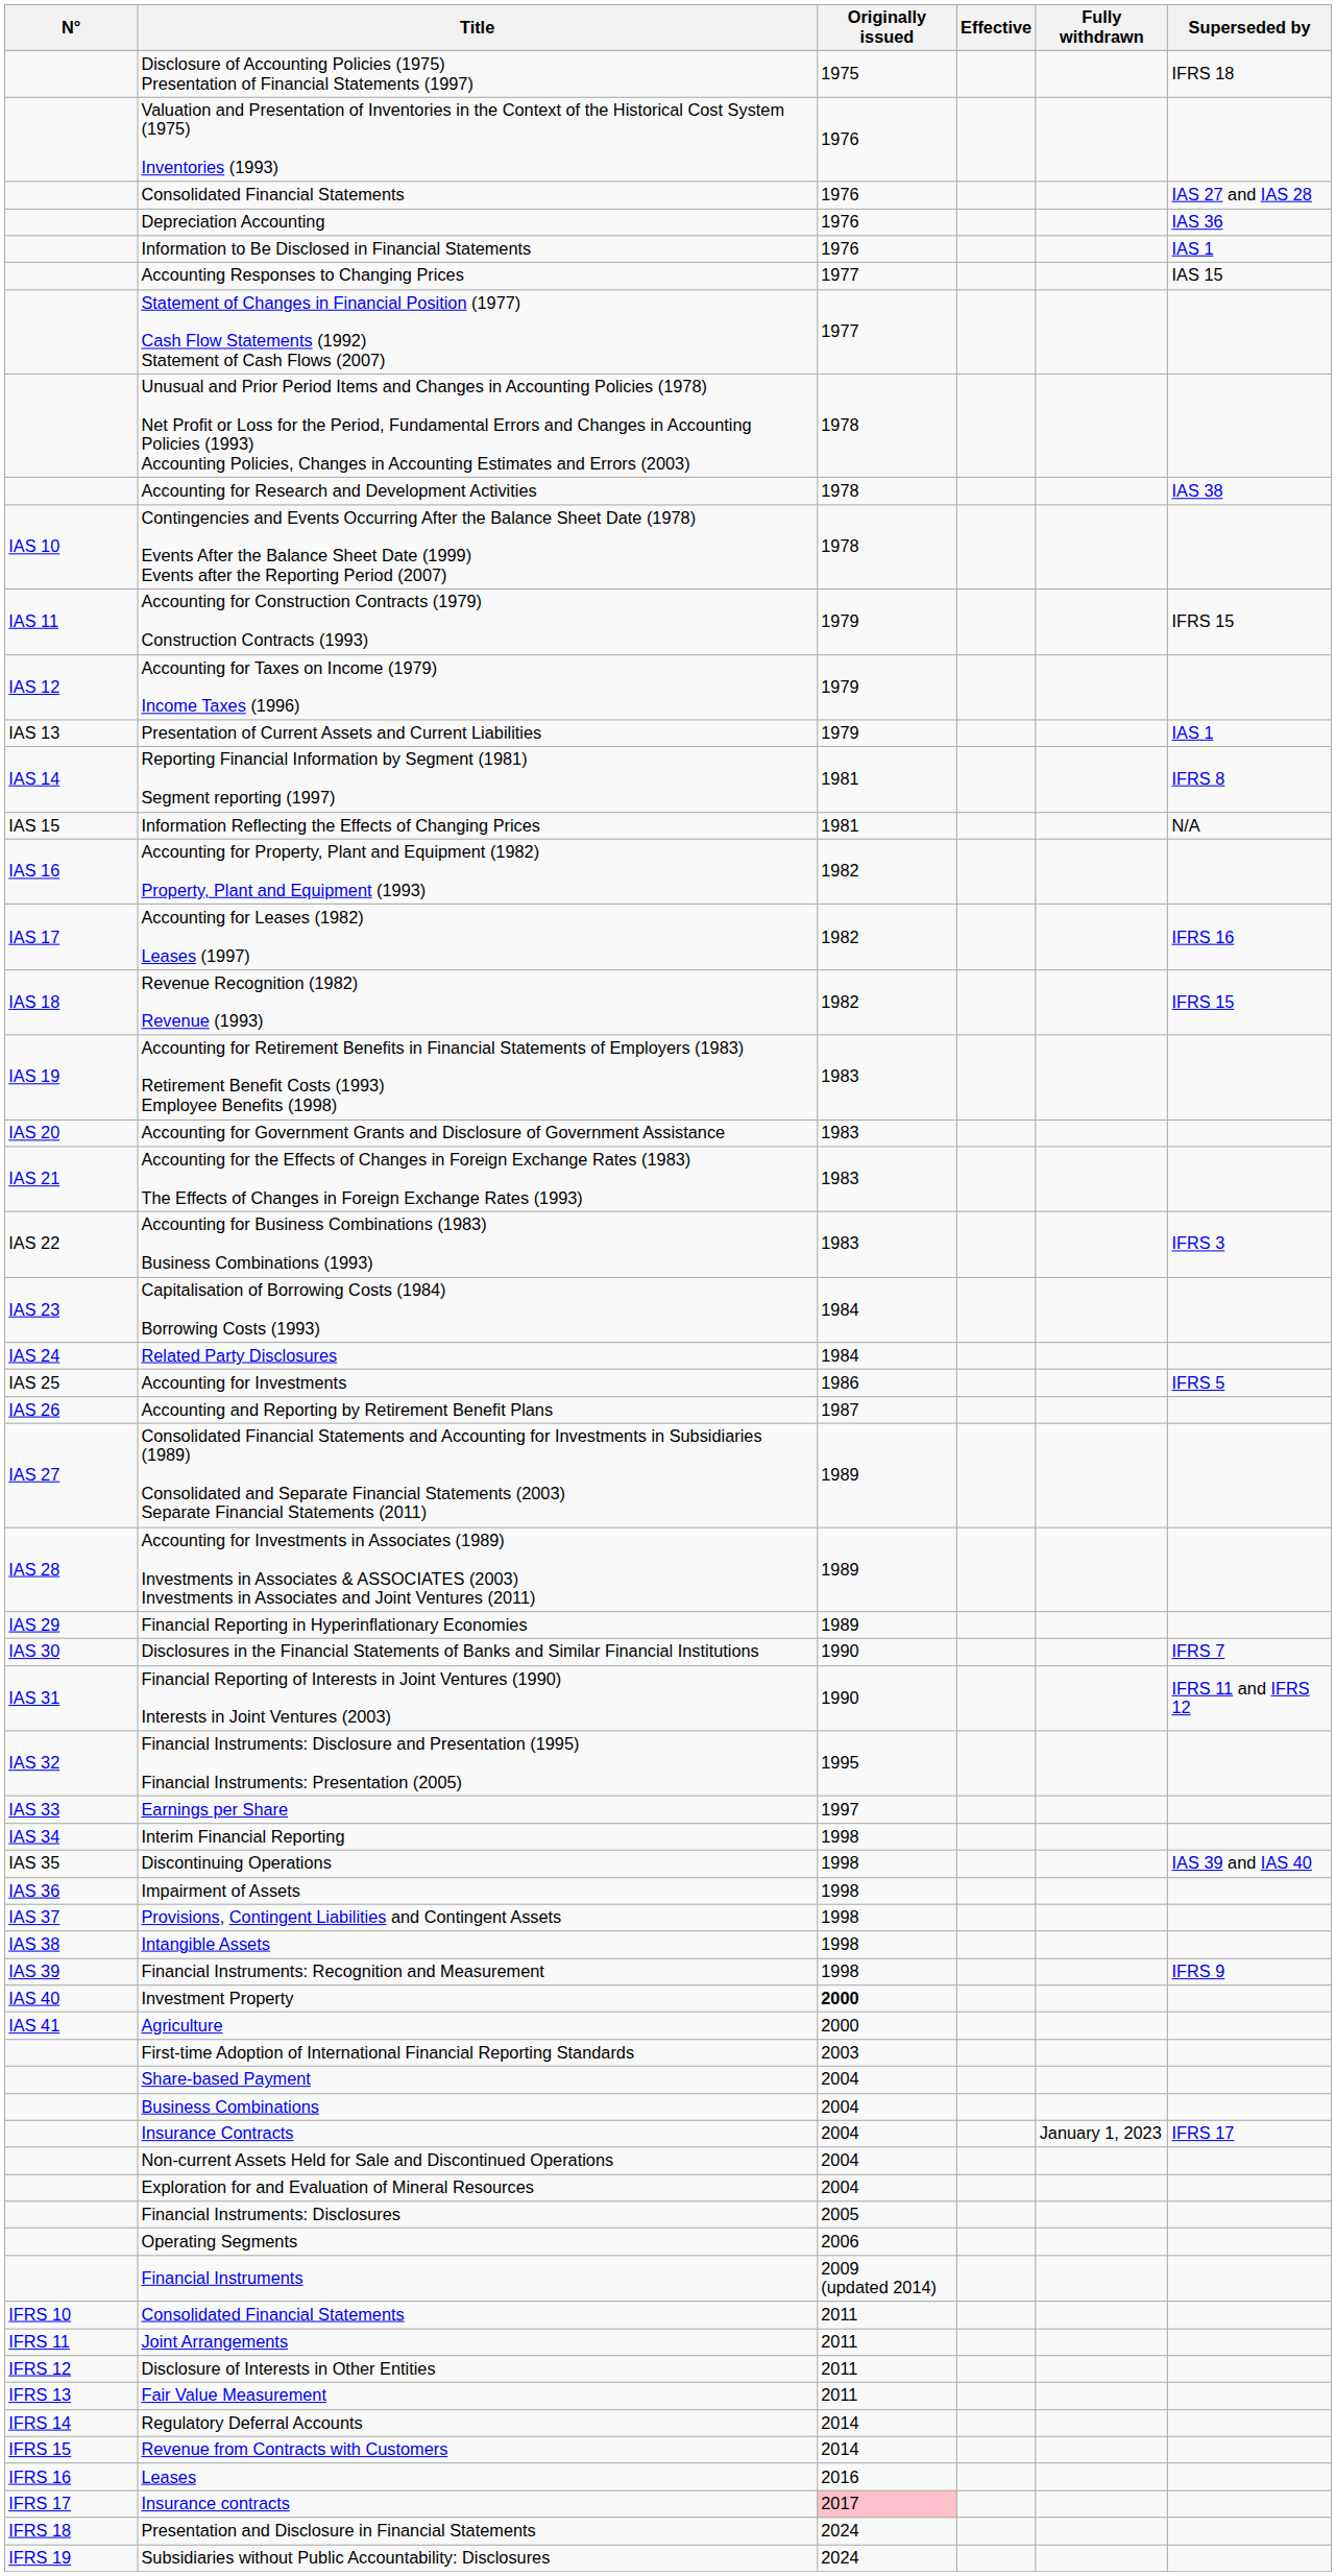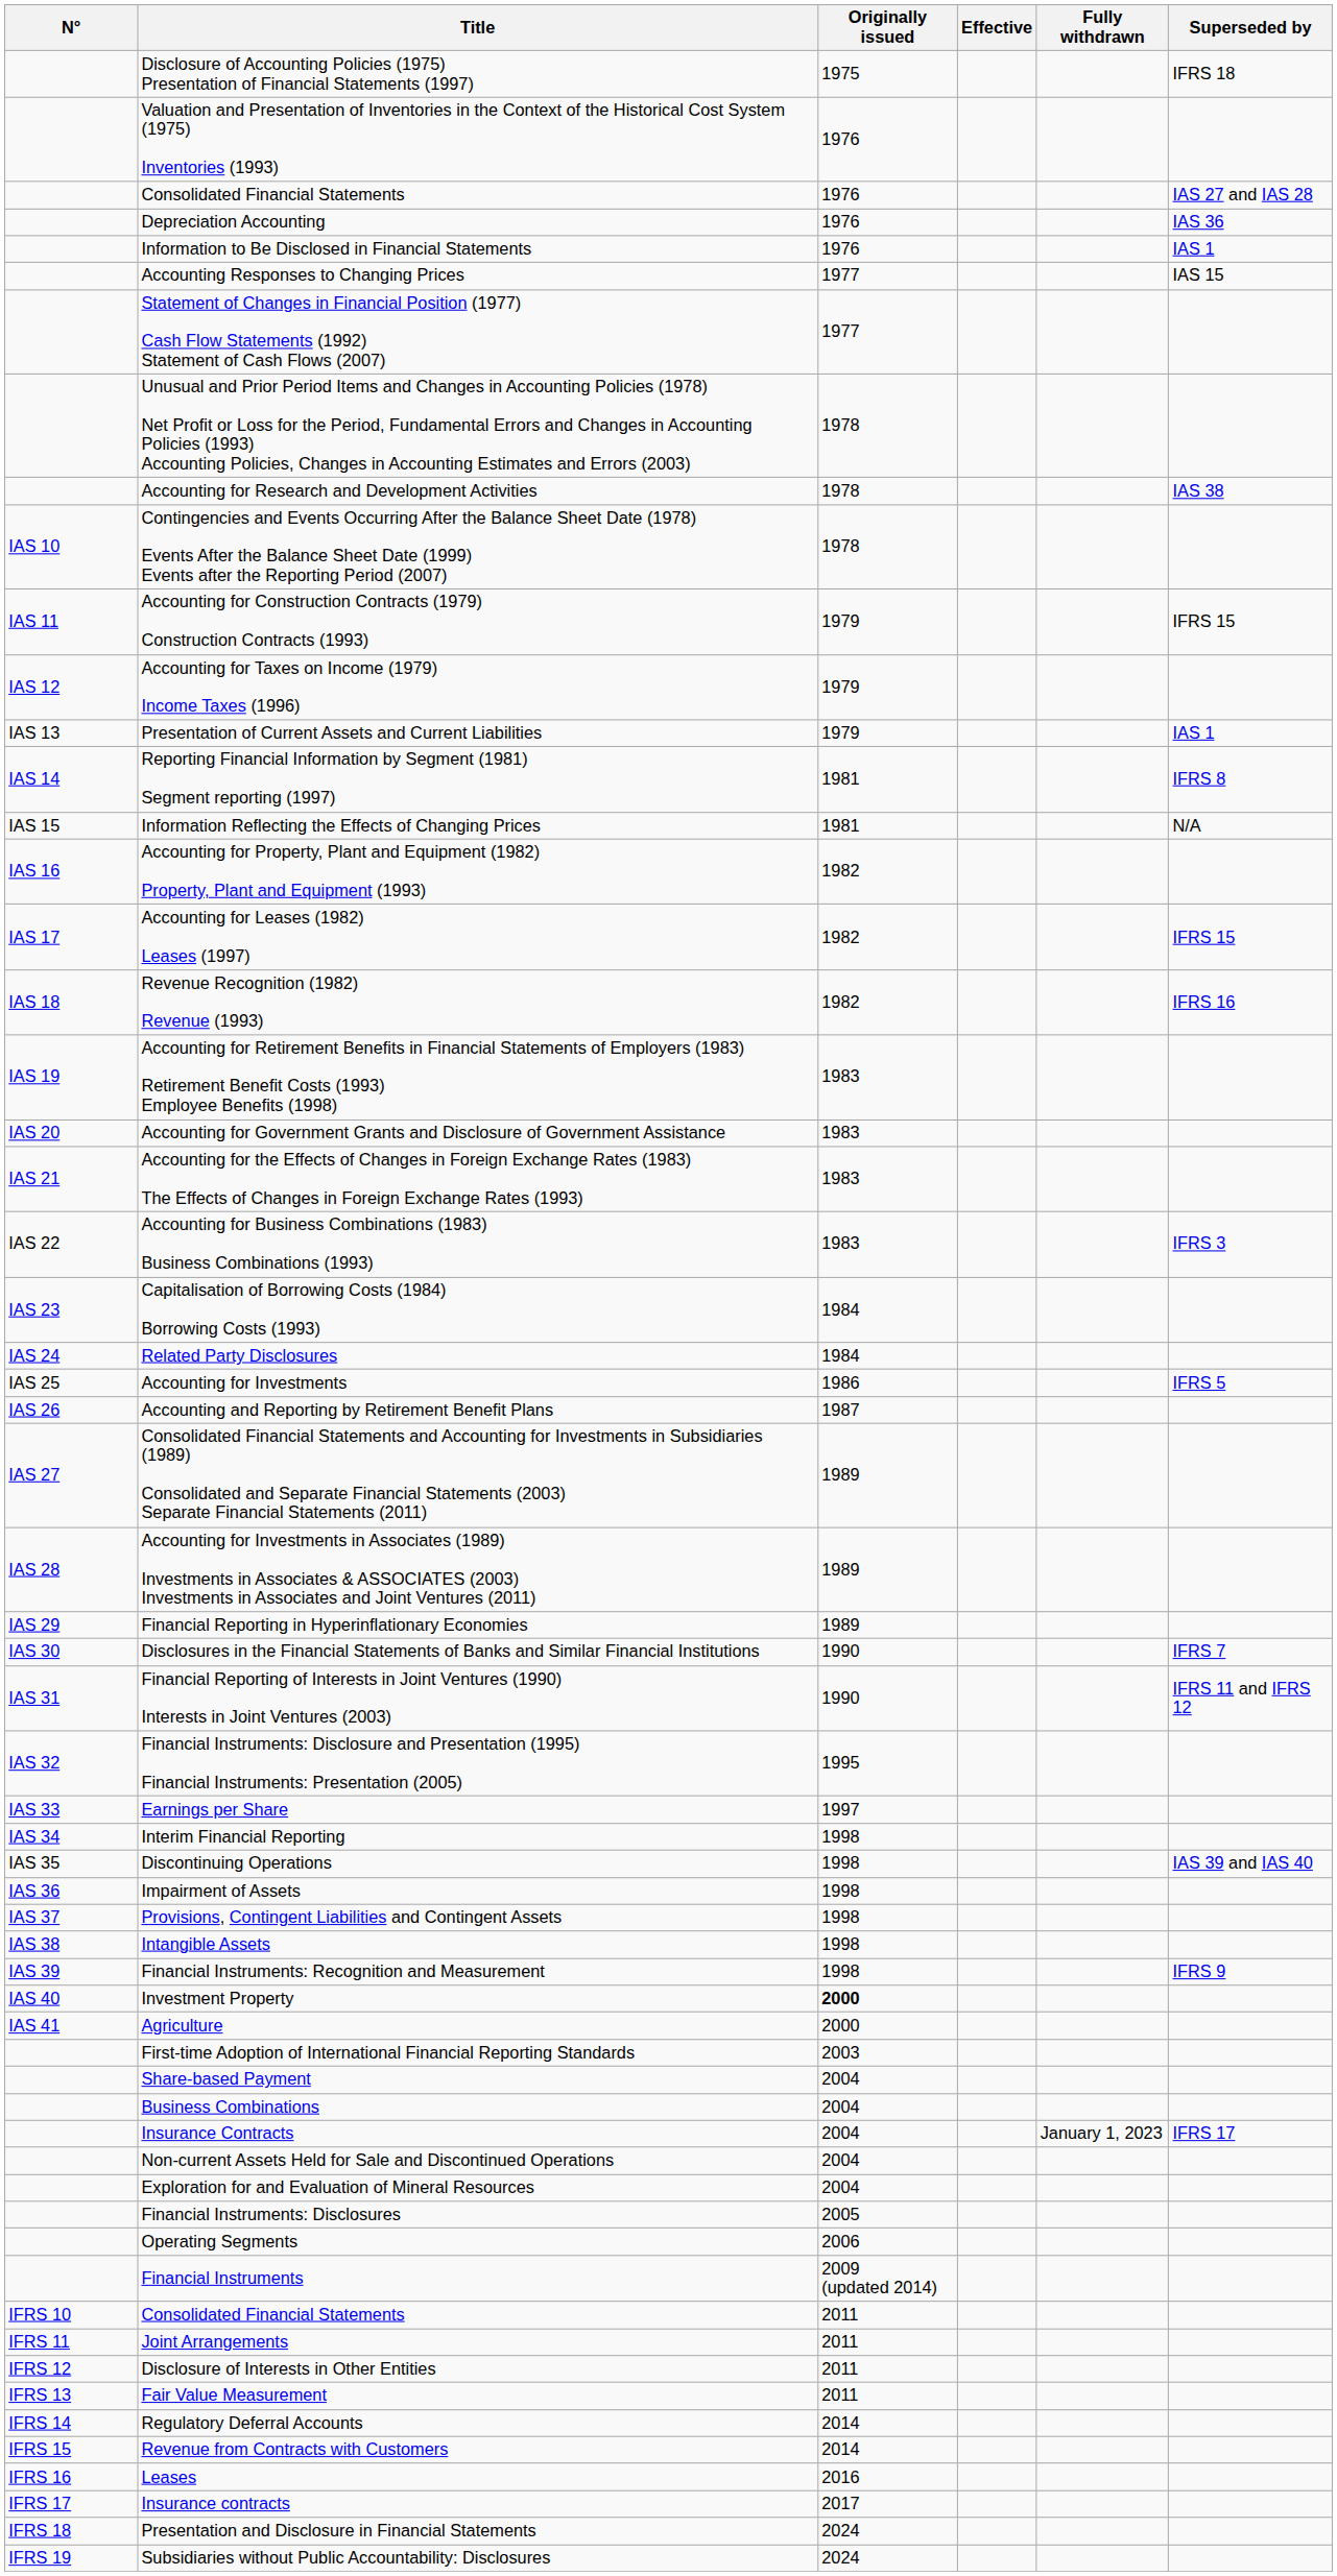 <table class="wikitable sortable">
 <tr>
 <th align="center" width="10%">N°</th>
 <th align="center">Title</th>
 <th>Originally issued</th>
 <th>Effective</th>
 <th>Fully withdrawn</th>
 <th>Superseded by</th>
 </tr>
 <tr>
 <td></td>
 <td>Disclosure of Accounting Policies (1975)<br> Presentation of Financial Statements (1997)</td>
 <td>1975</td>
 <td></td>
 <td></td>
 <td>IFRS 18</td>
 </tr>
 <tr>
 <td></td>
 <td>Valuation and Presentation of Inventories in the Context of the Historical Cost System (1975)<br><br><a href='#'>Inventories</a> (1993)</td>
 <td>1976</td>
 <td></td>
 <td></td>
 <td></td>
 </tr>
 <tr>
 <td></td>
 <td>Consolidated Financial Statements</td>
 <td>1976</td>
 <td></td>
 <td></td>
 <td><a href='#'>IAS 27</a> and <a href='#'>IAS 28</a></td>
 </tr>
 <tr>
 <td></td>
 <td>Depreciation Accounting</td>
 <td>1976</td>
 <td></td>
 <td></td>
 <td><a href='#'>IAS 36</a></td>
 </tr>
 <tr>
 <td></td>
 <td>Information to Be Disclosed in Financial Statements</td>
 <td>1976</td>
 <td></td>
 <td></td>
 <td><a href='#'>IAS 1</a></td>
 </tr>
 <tr>
 <td></td>
 <td>Accounting Responses to Changing Prices</td>
 <td>1977</td>
 <td></td>
 <td></td>
 <td>IAS 15</td>
 </tr>
 <tr>
 <td></td>
 <td><a href='#'>Statement of Changes in Financial Position</a> (1977)<br><br><a href='#'>Cash Flow Statements</a> (1992)<br> Statement of Cash Flows (2007)</td>
 <td>1977</td>
 <td></td>
 <td></td>
 <td></td>
 </tr>
 <tr>
 <td></td>
 <td>Unusual and Prior Period Items and Changes in Accounting Policies (1978)<br><br>Net Profit or Loss for the Period, Fundamental Errors and Changes in Accounting Policies (1993)<br> Accounting Policies, Changes in Accounting Estimates and Errors (2003)</td>
 <td>1978</td>
 <td></td>
 <td></td>
 <td></td>
 </tr>
 <tr>
 <td></td>
 <td>Accounting for Research and Development Activities</td>
 <td>1978</td>
 <td></td>
 <td></td>
 <td><a href='#'>IAS 38</a></td>
 </tr>
 <tr>
 <td><a href='#'>IAS 10</a></td>
 <td>Contingencies and Events Occurring After the Balance Sheet Date (1978)<br><br>Events After the Balance Sheet Date (1999)<br> Events after the Reporting Period (2007)</td>
 <td>1978</td>
 <td></td>
 <td></td>
 <td></td>
 </tr>
 <tr>
 <td><a href='#'>IAS 11</a></td>
 <td>Accounting for Construction Contracts (1979)<br><br>Construction Contracts (1993)</td>
 <td>1979</td>
 <td></td>
 <td></td>
 <td>IFRS 15</td>
 </tr>
 <tr>
 <td><a href='#'>IAS 12</a></td>
 <td>Accounting for Taxes on Income (1979)<br><br><a href='#'>Income Taxes</a> (1996)</td>
 <td>1979</td>
 <td></td>
 <td></td>
 <td></td>
 </tr>
 <tr>
 <td>IAS 13</td>
 <td>Presentation of Current Assets and Current Liabilities</td>
 <td>1979</td>
 <td></td>
 <td></td>
 <td><a href='#'>IAS 1</a></td>
 </tr>
 <tr>
 <td><a href='#'>IAS 14</a></td>
 <td>Reporting Financial Information by Segment (1981)<br><br>Segment reporting (1997)</td>
 <td>1981</td>
 <td></td>
 <td></td>
 <td><a href='#'>IFRS 8</a></td>
 </tr>
 <tr>
 <td>IAS 15</td>
 <td>Information Reflecting the Effects of Changing Prices</td>
 <td>1981</td>
 <td></td>
 <td></td>
 <td>N/A</td>
 </tr>
 <tr>
 <td><a href='#'>IAS 16</a></td>
 <td>Accounting for Property, Plant and Equipment (1982)<br><br><a href='#'>Property, Plant and Equipment</a> (1993)</td>
 <td>1982</td>
 <td></td>
 <td></td>
 <td></td>
 </tr>
 <tr>
 <td><a href='#'>IAS 17</a></td>
 <td>Accounting for Leases (1982)<br><br><a href='#'>Leases</a> (1997)</td>
 <td>1982</td>
 <td></td>
 <td></td>
-<td><a href='#'>IFRS 16</a></td>
+<td><a href='#'>IFRS 15</a></td>
 </tr>
 <tr>
 <td><a href='#'>IAS 18</a></td>
 <td>Revenue Recognition (1982)<br><br><a href='#'>Revenue</a> (1993)</td>
 <td>1982</td>
 <td></td>
 <td></td>
-<td><a href='#'>IFRS 15</a></td>
+<td><a href='#'>IFRS 16</a></td>
 </tr>
 <tr>
 <td><a href='#'>IAS 19</a></td>
 <td>Accounting for Retirement Benefits in Financial Statements of Employers (1983)<br><br>Retirement Benefit Costs (1993)<br> Employee Benefits (1998)</td>
 <td>1983</td>
 <td></td>
 <td></td>
 <td></td>
 </tr>
 <tr>
 <td><a href='#'>IAS 20</a></td>
 <td>Accounting for Government Grants and Disclosure of Government Assistance</td>
 <td>1983</td>
 <td></td>
 <td></td>
 <td></td>
 </tr>
 <tr>
 <td><a href='#'>IAS 21</a></td>
 <td>Accounting for the Effects of Changes in Foreign Exchange Rates (1983)<br><br>The Effects of Changes in Foreign Exchange Rates (1993)</td>
 <td>1983</td>
 <td></td>
 <td></td>
 <td></td>
 </tr>
 <tr>
 <td>IAS 22</td>
 <td>Accounting for Business Combinations (1983)<br><br>Business Combinations (1993)</td>
 <td>1983</td>
 <td></td>
 <td></td>
 <td><a href='#'>IFRS 3</a></td>
 </tr>
 <tr>
 <td><a href='#'>IAS 23</a></td>
 <td>Capitalisation of Borrowing Costs (1984)<br><br>Borrowing Costs (1993)</td>
 <td>1984</td>
 <td></td>
 <td></td>
 <td></td>
 </tr>
 <tr>
 <td><a href='#'>IAS 24</a></td>
 <td><a href='#'>Related Party Disclosures</a></td>
 <td>1984</td>
 <td></td>
 <td></td>
 <td></td>
 </tr>
 <tr>
 <td>IAS 25</td>
 <td>Accounting for Investments</td>
 <td>1986</td>
 <td></td>
 <td></td>
 <td><a href='#'>IFRS 5</a></td>
 </tr>
 <tr>
 <td><a href='#'>IAS 26</a></td>
 <td>Accounting and Reporting by Retirement Benefit Plans</td>
 <td>1987</td>
 <td></td>
 <td></td>
 <td></td>
 </tr>
 <tr>
 <td><a href='#'>IAS 27</a></td>
 <td>Consolidated Financial Statements and Accounting for Investments in Subsidiaries (1989)<br><br>Consolidated and Separate Financial Statements (2003)<br> Separate Financial Statements (2011)</td>
 <td>1989</td>
 <td></td>
 <td></td>
 <td></td>
 </tr>
 <tr>
 <td><a href='#'>IAS 28</a></td>
 <td>Accounting for Investments in Associates (1989)<br><br>Investments in Associates & ASSOCIATES (2003)<br> Investments in Associates and Joint Ventures (2011)</td>
 <td>1989</td>
 <td></td>
 <td></td>
 <td></td>
 </tr>
 <tr>
 <td><a href='#'>IAS 29</a></td>
 <td>Financial Reporting in Hyperinflationary Economies</td>
 <td>1989</td>
 <td></td>
 <td></td>
 <td></td>
 </tr>
 <tr>
 <td><a href='#'>IAS 30</a></td>
 <td>Disclosures in the Financial Statements of Banks and Similar Financial Institutions</td>
 <td>1990</td>
 <td></td>
 <td></td>
 <td><a href='#'>IFRS 7</a></td>
 </tr>
 <tr>
 <td><a href='#'>IAS 31</a></td>
 <td>Financial Reporting of Interests in Joint Ventures (1990)<br><br>Interests in Joint Ventures (2003)</td>
 <td>1990</td>
 <td></td>
 <td></td>
 <td><a href='#'>IFRS 11</a> and <a href='#'>IFRS 12</a></td>
 </tr>
 <tr>
 <td><a href='#'>IAS 32</a></td>
 <td>Financial Instruments: Disclosure and Presentation (1995)<br><br>Financial Instruments: Presentation (2005)</td>
 <td>1995</td>
 <td></td>
 <td></td>
 <td></td>
 </tr>
 <tr>
 <td><a href='#'>IAS 33</a></td>
 <td><a href='#'>Earnings per Share</a></td>
 <td>1997</td>
 <td></td>
 <td></td>
 <td></td>
 </tr>
 <tr>
 <td><a href='#'>IAS 34</a></td>
 <td>Interim Financial Reporting</td>
 <td>1998</td>
 <td></td>
 <td></td>
 <td></td>
 </tr>
 <tr>
 <td>IAS 35</td>
 <td>Discontinuing Operations</td>
 <td>1998</td>
 <td></td>
 <td></td>
 <td><a href='#'>IAS 39</a> and <a href='#'>IAS 40</a></td>
 </tr>
 <tr>
 <td><a href='#'>IAS 36</a></td>
 <td>Impairment of Assets</td>
 <td>1998</td>
 <td></td>
 <td></td>
 <td></td>
 </tr>
 <tr>
 <td><a href='#'>IAS 37</a></td>
 <td><a href='#'>Provisions</a>, <a href='#'>Contingent Liabilities</a> and Contingent Assets</td>
 <td>1998</td>
 <td></td>
 <td></td>
 <td></td>
 </tr>
 <tr>
 <td><a href='#'>IAS 38</a></td>
 <td><a href='#'>Intangible Assets</a></td>
 <td>1998</td>
 <td></td>
 <td></td>
 <td></td>
 </tr>
 <tr>
 <td><a href='#'>IAS 39</a></td>
 <td>Financial Instruments: Recognition and Measurement</td>
 <td>1998</td>
 <td></td>
 <td></td>
 <td><a href='#'>IFRS 9</a></td>
 </tr>
 <tr>
 <td><a href='#'>IAS 40</a></td>
 <td>Investment Property</td>
 <td><strong>2000</strong></td>
 <td></td>
 <td></td>
 <td></td>
 </tr>
 <tr>
 <td><a href='#'>IAS 41</a></td>
 <td><a href='#'>Agriculture</a></td>
 <td>2000</td>
 <td></td>
 <td></td>
 <td></td>
 </tr>
 <tr>
 <td></td>
 <td>First-time Adoption of International Financial Reporting Standards</td>
 <td>2003</td>
 <td></td>
 <td></td>
 <td></td>
 </tr>
 <tr>
 <td></td>
 <td><a href='#'>Share-based Payment</a></td>
 <td>2004</td>
 <td></td>
 <td></td>
 <td></td>
 </tr>
 <tr>
 <td></td>
 <td><a href='#'>Business Combinations</a></td>
 <td>2004</td>
 <td></td>
 <td></td>
 <td></td>
 </tr>
 <tr>
 <td></td>
 <td><a href='#'>Insurance Contracts</a></td>
 <td>2004</td>
 <td></td>
 <td>January 1, 2023</td>
 <td><a href='#'>IFRS 17</a></td>
 </tr>
 <tr>
 <td></td>
 <td>Non-current Assets Held for Sale and Discontinued Operations</td>
 <td>2004</td>
 <td></td>
 <td></td>
 <td></td>
 </tr>
 <tr>
 <td></td>
 <td>Exploration for and Evaluation of Mineral Resources</td>
 <td>2004</td>
 <td></td>
 <td></td>
 <td></td>
 </tr>
 <tr>
 <td></td>
 <td>Financial Instruments: Disclosures</td>
 <td>2005</td>
 <td></td>
 <td></td>
 <td></td>
 </tr>
 <tr>
 <td></td>
 <td>Operating Segments</td>
 <td>2006</td>
 <td></td>
 <td></td>
 <td></td>
 </tr>
 <tr>
 <td></td>
 <td><a href='#'>Financial Instruments</a></td>
 <td>2009 <br>(updated 2014)</td>
 <td></td>
 <td></td>
 <td></td>
 </tr>
 <tr>
 <td><a href='#'>IFRS 10</a></td>
 <td><a href='#'>Consolidated Financial Statements</a></td>
 <td>2011</td>
 <td></td>
 <td></td>
 <td></td>
 </tr>
 <tr>
 <td><a href='#'>IFRS 11</a></td>
 <td><a href='#'>Joint Arrangements</a></td>
 <td>2011</td>
 <td></td>
 <td></td>
 <td></td>
 </tr>
 <tr>
 <td><a href='#'>IFRS 12</a></td>
 <td>Disclosure of Interests in Other Entities</td>
 <td>2011</td>
 <td></td>
 <td></td>
 <td></td>
 </tr>
 <tr>
 <td><a href='#'>IFRS 13</a></td>
 <td><a href='#'>Fair Value Measurement</a></td>
 <td>2011</td>
 <td></td>
 <td></td>
 <td></td>
 </tr>
 <tr>
 <td><a href='#'>IFRS 14</a></td>
 <td>Regulatory Deferral Accounts</td>
 <td>2014</td>
 <td></td>
 <td></td>
 <td></td>
 </tr>
 <tr>
 <td><a href='#'>IFRS 15</a></td>
 <td><a href='#'>Revenue from Contracts with Customers</a></td>
 <td>2014</td>
 <td></td>
 <td></td>
 <td></td>
 </tr>
 <tr>
 <td><a href='#'>IFRS 16</a></td>
 <td><a href='#'>Leases</a></td>
 <td>2016</td>
 <td></td>
 <td></td>
 <td></td>
 </tr>
 <tr>
 <td><a href='#'>IFRS 17</a></td>
 <td><a href='#'>Insurance contracts</a></td>
-<td style="background: pink;">2017</td>
+<td>2017</td>
 <td></td>
 <td></td>
 <td></td>
 </tr>
 <tr>
 <td><a href='#'>IFRS 18</a></td>
 <td>Presentation and Disclosure in Financial Statements</td>
 <td>2024</td>
 <td></td>
 <td></td>
 <td></td>
 </tr>
 <tr>
 <td><a href='#'>IFRS 19</a></td>
 <td>Subsidiaries without Public Accountability: Disclosures</td>
 <td>2024</td>
 <td></td>
 <td></td>
 <td></td>
 </tr>
 </table>
